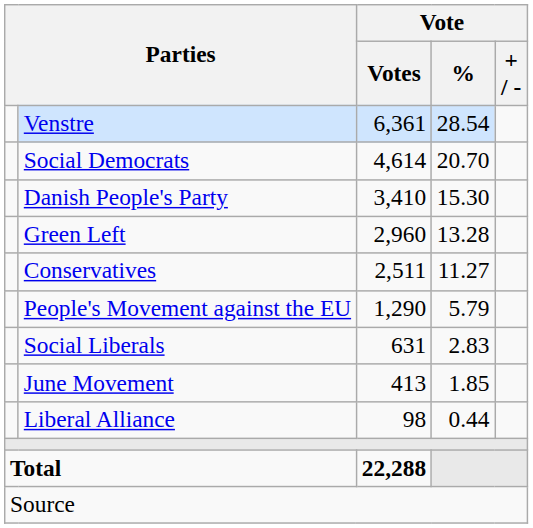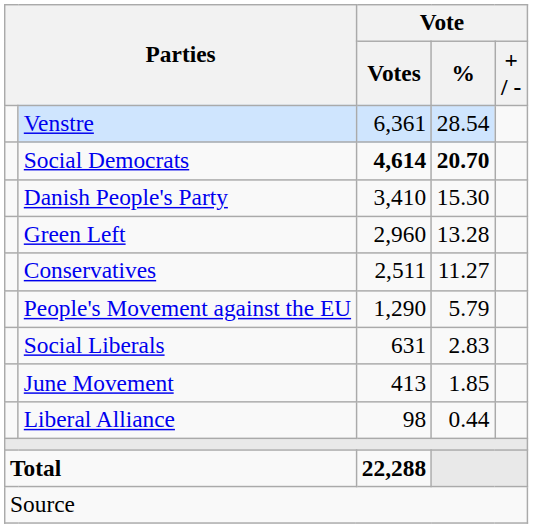 <table class="wikitable" style="text-align:right;">
 <tr>
 <th style="text-align:centre;" rowspan="2" colspan="2" width="225">Parties</th>
 <th colspan="3">Vote</th>
 </tr>
 <tr>
 <th width="15">Votes</th>
 <th width="15">%</th>
 <th width="15">+ / -</th>
 </tr>
 <tr>
 <td width="2" style="color:inherit;background:"></td>
 <td bgcolor=#cfe5fe   align="left"><a href='#'>Venstre</a></td>
 <td bgcolor=#cfe5fe>6,361</td>
 <td bgcolor=#cfe5fe>28.54</td>
 <td></td>
 </tr>
 <tr>
 <td width="2" style="color:inherit;background:"></td>
 <td align="left"><a href='#'>Social Democrats</a></td>
-<td>4,614</td>
-<td>20.70</td>
+<td><strong>4,614</strong></td>
+<td><strong>20.70</strong></td>
 <td></td>
 </tr>
 <tr>
 <td width="2" style="color:inherit;background:"></td>
 <td align="left"><a href='#'>Danish People's Party</a></td>
 <td>3,410</td>
 <td>15.30</td>
 <td></td>
 </tr>
 <tr>
 <td width="2" style="color:inherit;background:"></td>
 <td align="left"><a href='#'>Green Left</a></td>
 <td>2,960</td>
 <td>13.28</td>
 <td></td>
 </tr>
 <tr>
 <td width="2" style="color:inherit;background:"></td>
 <td align="left"><a href='#'>Conservatives</a></td>
 <td>2,511</td>
 <td>11.27</td>
 <td></td>
 </tr>
 <tr>
 <td width="2" style="color:inherit;background:"></td>
 <td align="left"><a href='#'>People's Movement against the EU</a></td>
 <td>1,290</td>
 <td>5.79</td>
 <td></td>
 </tr>
 <tr>
 <td width="2" style="color:inherit;background:"></td>
 <td align="left"><a href='#'>Social Liberals</a></td>
 <td>631</td>
 <td>2.83</td>
 <td></td>
 </tr>
 <tr>
 <td width="2" style="color:inherit;background:"></td>
 <td align="left"><a href='#'>June Movement</a></td>
 <td>413</td>
 <td>1.85</td>
 <td></td>
 </tr>
 <tr>
 <td width="2" style="color:inherit;background:"></td>
 <td align="left"><a href='#'>Liberal Alliance</a></td>
 <td>98</td>
 <td>0.44</td>
 <td></td>
 </tr>
 <tr>
 <td colspan="7" bgcolor="#E9E9E9"></td>
 </tr>
 <tr>
 <td align="left" colspan="2"><strong>Total</strong></td>
 <td><strong>22,288</strong></td>
 <td bgcolor="#E9E9E9" colspan="2"></td>
 </tr>
 <tr>
 <td align="left" colspan="6">Source</td>
 </tr>
 </table>
